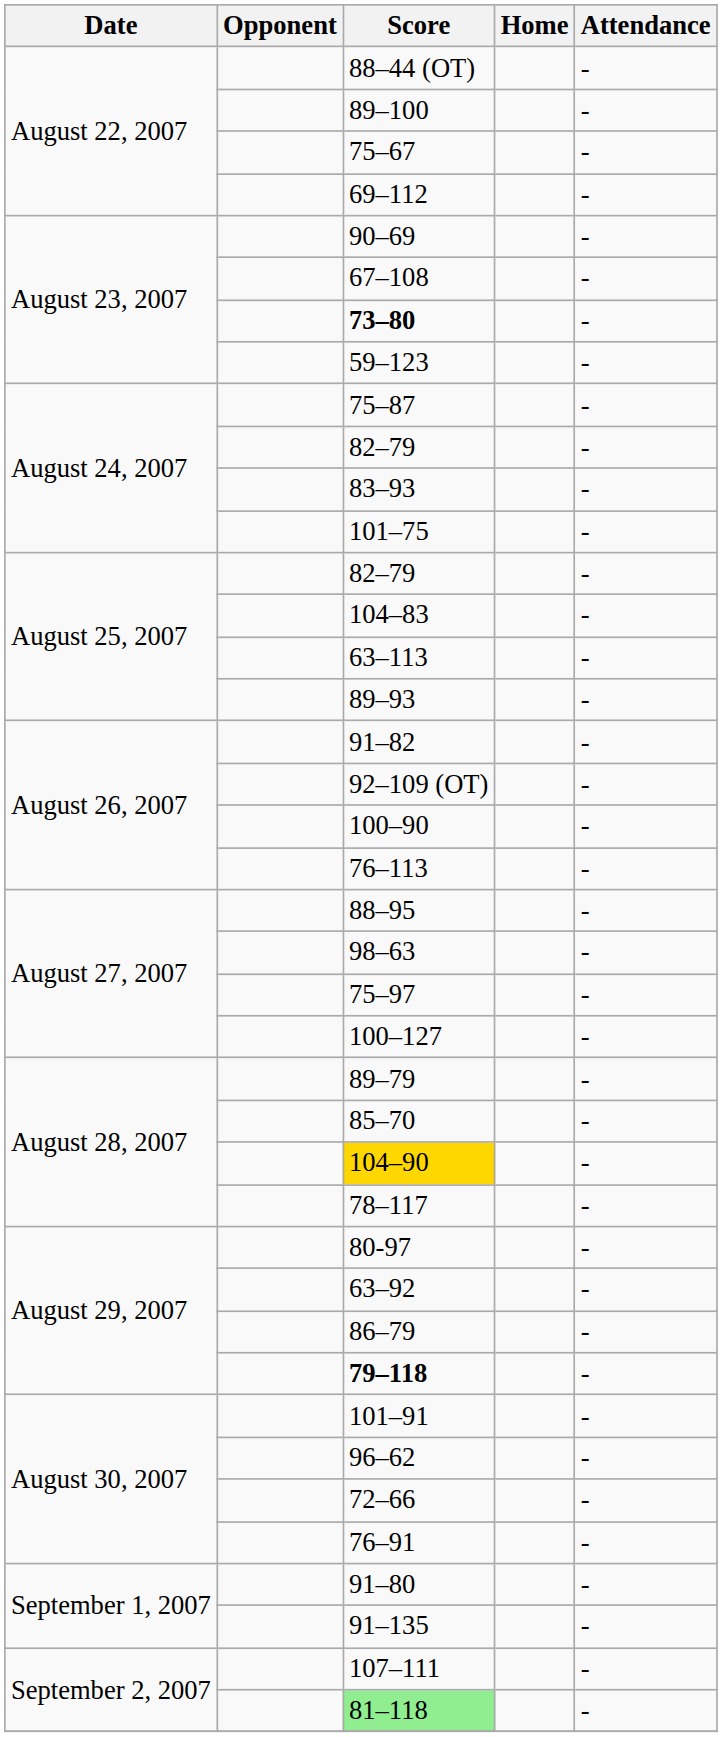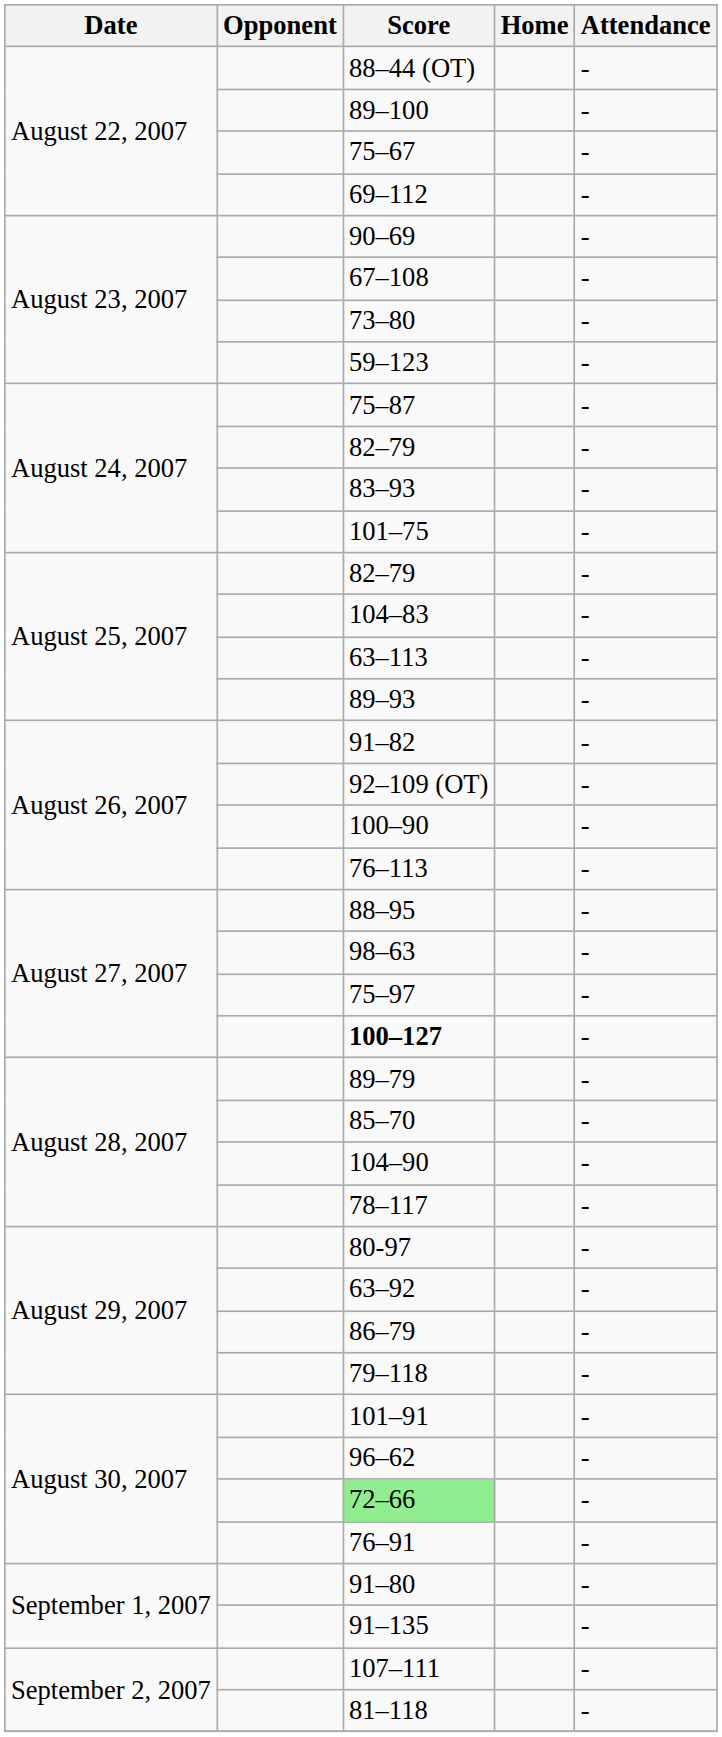 <table class="wikitable collapsible collapse">
 <tr>
 <th>Date</th>
 <th>Opponent</th>
 <th>Score</th>
 <th>Home</th>
 <th>Attendance</th>
 </tr>
 <tr>
 <td rowspan="4">August 22, 2007</td>
 <td><strong></strong></td>
 <td>88–44 (OT)</td>
 <td></td>
 <td>-</td>
 </tr>
 <tr>
 <td></td>
 <td>89–100</td>
 <td><strong></strong></td>
 <td>-</td>
 </tr>
 <tr>
 <td><strong></strong></td>
 <td>75–67</td>
 <td></td>
 <td>-</td>
 </tr>
 <tr>
 <td></td>
 <td>69–112</td>
 <td><strong></strong></td>
 <td>-</td>
 </tr>
 <tr>
 <td rowspan="4">August 23, 2007</td>
 <td><strong></strong></td>
 <td>90–69</td>
 <td></td>
 <td>-</td>
 </tr>
 <tr>
 <td></td>
 <td>67–108</td>
 <td><strong></strong></td>
 <td>-</td>
 </tr>
 <tr>
 <td></td>
-<td><strong>73–80</strong></td>
+<td>73–80</td>
 <td><strong></strong></td>
 <td>-</td>
 </tr>
 <tr>
 <td></td>
 <td>59–123</td>
 <td><strong></strong></td>
 <td>-</td>
 </tr>
 <tr>
 <td rowspan="4">August 24, 2007</td>
 <td></td>
 <td>75–87</td>
 <td><strong></strong></td>
 <td>-</td>
 </tr>
 <tr>
 <td><strong></strong></td>
 <td>82–79</td>
 <td></td>
 <td>-</td>
 </tr>
 <tr>
 <td></td>
 <td>83–93</td>
 <td><strong></strong></td>
 <td>-</td>
 </tr>
 <tr>
 <td><strong></strong></td>
 <td>101–75</td>
 <td></td>
 <td>-</td>
 </tr>
 <tr>
 <td rowspan="4">August 25, 2007</td>
 <td><strong></strong></td>
 <td>82–79</td>
 <td></td>
 <td>-</td>
 </tr>
 <tr>
 <td><strong></strong></td>
 <td>104–83</td>
 <td></td>
 <td>-</td>
 </tr>
 <tr>
 <td></td>
 <td>63–113</td>
 <td><strong></strong></td>
 <td>-</td>
 </tr>
 <tr>
 <td></td>
 <td>89–93</td>
 <td><strong></strong></td>
 <td>-</td>
 </tr>
 <tr>
 <td rowspan="4">August 26, 2007</td>
 <td><strong></strong></td>
 <td>91–82</td>
 <td></td>
 <td>-</td>
 </tr>
 <tr>
 <td></td>
 <td>92–109 (OT)</td>
 <td><strong></strong></td>
 <td>-</td>
 </tr>
 <tr>
 <td><strong></strong></td>
 <td>100–90</td>
 <td></td>
 <td>-</td>
 </tr>
 <tr>
 <td></td>
 <td>76–113</td>
 <td><strong></strong></td>
 <td>-</td>
 </tr>
 <tr>
 <td rowspan="4">August 27, 2007</td>
 <td></td>
 <td>88–95</td>
 <td><strong></strong></td>
 <td>-</td>
 </tr>
 <tr>
 <td><strong></strong></td>
 <td>98–63</td>
 <td></td>
 <td>-</td>
 </tr>
 <tr>
 <td></td>
 <td>75–97</td>
 <td></td>
 <td>-</td>
 </tr>
 <tr>
 <td></td>
-<td>100–127</td>
+<td><strong>100–127</strong></td>
 <td><strong></strong></td>
 <td>-</td>
 </tr>
 <tr>
 <td rowspan="4">August 28, 2007</td>
 <td><strong></strong></td>
 <td>89–79</td>
 <td></td>
 <td>-</td>
 </tr>
 <tr>
 <td><strong></strong></td>
 <td>85–70</td>
 <td></td>
 <td>-</td>
 </tr>
 <tr>
 <td><strong></strong></td>
-<td style="background: gold;">104–90</td>
+<td>104–90</td>
 <td></td>
 <td>-</td>
 </tr>
 <tr>
 <td></td>
 <td>78–117</td>
 <td><strong></strong></td>
 <td>-</td>
 </tr>
 <tr>
 <td rowspan="4">August 29, 2007</td>
 <td></td>
 <td>80-97</td>
 <td><strong></strong></td>
 <td>-</td>
 </tr>
 <tr>
 <td></td>
 <td>63–92</td>
 <td></td>
 <td>-</td>
 </tr>
 <tr>
 <td><strong></strong></td>
 <td>86–79</td>
 <td></td>
 <td>-</td>
 </tr>
 <tr>
 <td></td>
-<td><strong>79–118</strong></td>
+<td>79–118</td>
 <td><strong></strong></td>
 <td>-</td>
 </tr>
 <tr>
 <td rowspan="4">August 30, 2007</td>
 <td><strong></strong></td>
 <td>101–91</td>
 <td></td>
 <td>-</td>
 </tr>
 <tr>
 <td><strong></strong></td>
 <td>96–62</td>
 <td></td>
 <td>-</td>
 </tr>
 <tr>
 <td><strong></strong></td>
-<td>72–66</td>
+<td style="background: lightgreen;">72–66</td>
 <td></td>
 <td>-</td>
 </tr>
 <tr>
 <td></td>
 <td>76–91</td>
 <td><strong></strong></td>
 <td>-</td>
 </tr>
 <tr>
 <td rowspan="2">September 1, 2007</td>
 <td><strong></strong></td>
 <td>91–80</td>
 <td></td>
 <td>-</td>
 </tr>
 <tr>
 <td></td>
 <td>91–135</td>
 <td></td>
 <td>-</td>
 </tr>
 <tr>
 <td rowspan="2">September 2, 2007</td>
 <td></td>
 <td>107–111</td>
 <td><strong></strong></td>
 <td>-</td>
 </tr>
 <tr>
 <td></td>
-<td style="background: lightgreen;">81–118</td>
+<td>81–118</td>
 <td><strong></strong></td>
 <td>-</td>
 </tr>
 <tr>
 </tr>
 </table>
